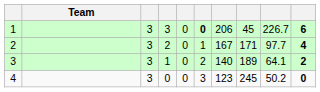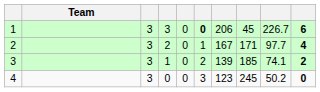 <table class=wikitable style=text-align:center>
 <tr>
 <th width=20 abbr=Position></th>
 <th width=175>Team</th>
 <th width=20 abbr=Played></th>
 <th width=20 abbr=Won></th>
 <th width=20 abbr=Drawn></th>
 <th width=20 abbr=Lost></th>
 <th width=30 abbr=Goal for></th>
 <th width=30 abbr=Goal against></th>
 <th width=30 abbr=Goal difference></th>
 <th width=30 abbr=Points></th>
 </tr>
 <tr bgcolor=#CCFFCC>
 <td>1</td>
 <td align=left></td>
 <td>3</td>
 <td>3</td>
 <td>0</td>
 <td><strong>0</strong></td>
 <td>206</td>
 <td>45</td>
 <td>226.7</td>
 <td><strong>6</strong></td>
 </tr>
 <tr bgcolor=#CCFFCC>
 <td>2</td>
 <td align=left></td>
 <td>3</td>
 <td>2</td>
 <td>0</td>
 <td>1</td>
 <td>167</td>
 <td>171</td>
 <td>97.7</td>
 <td><strong>4</strong></td>
 </tr>
 <tr bgcolor=#CCFFCC>
 <td>3</td>
 <td align=left></td>
 <td>3</td>
 <td>1</td>
 <td>0</td>
 <td>2</td>
-<td>140</td>
-<td>189</td>
-<td>64.1</td>
+<td>139</td>
+<td>185</td>
+<td>74.1</td>
 <td><strong>2</strong></td>
 </tr>
 <tr>
 <td>4</td>
 <td align=left></td>
 <td>3</td>
 <td>0</td>
 <td>0</td>
 <td>3</td>
 <td>123</td>
 <td>245</td>
 <td>50.2</td>
 <td><strong>0</strong></td>
 </tr>
 </table>
